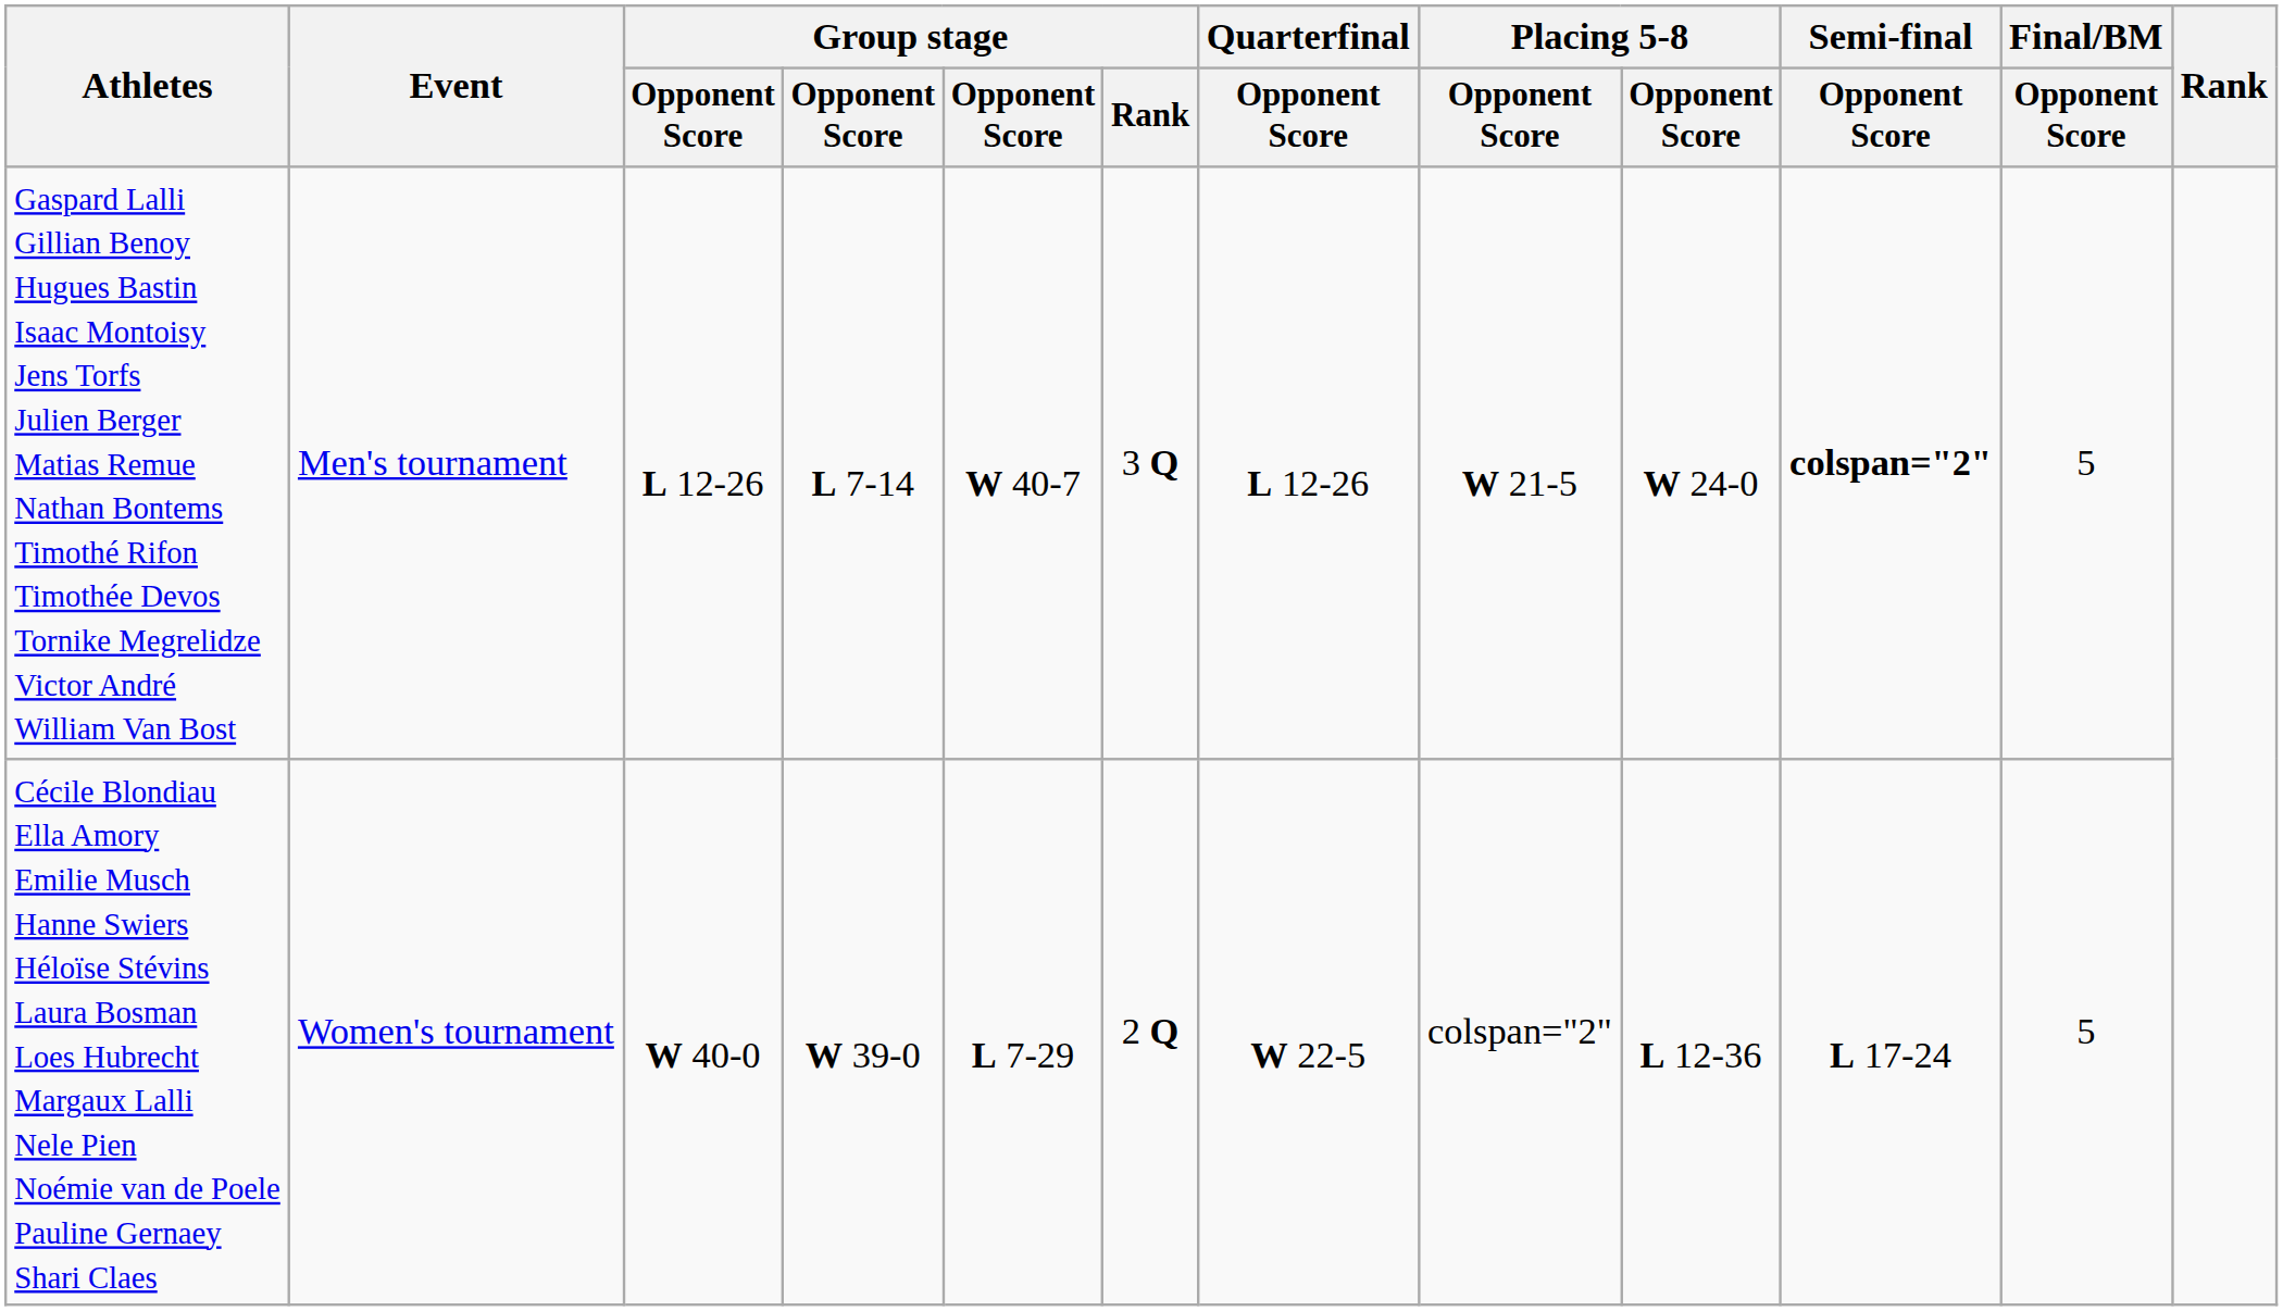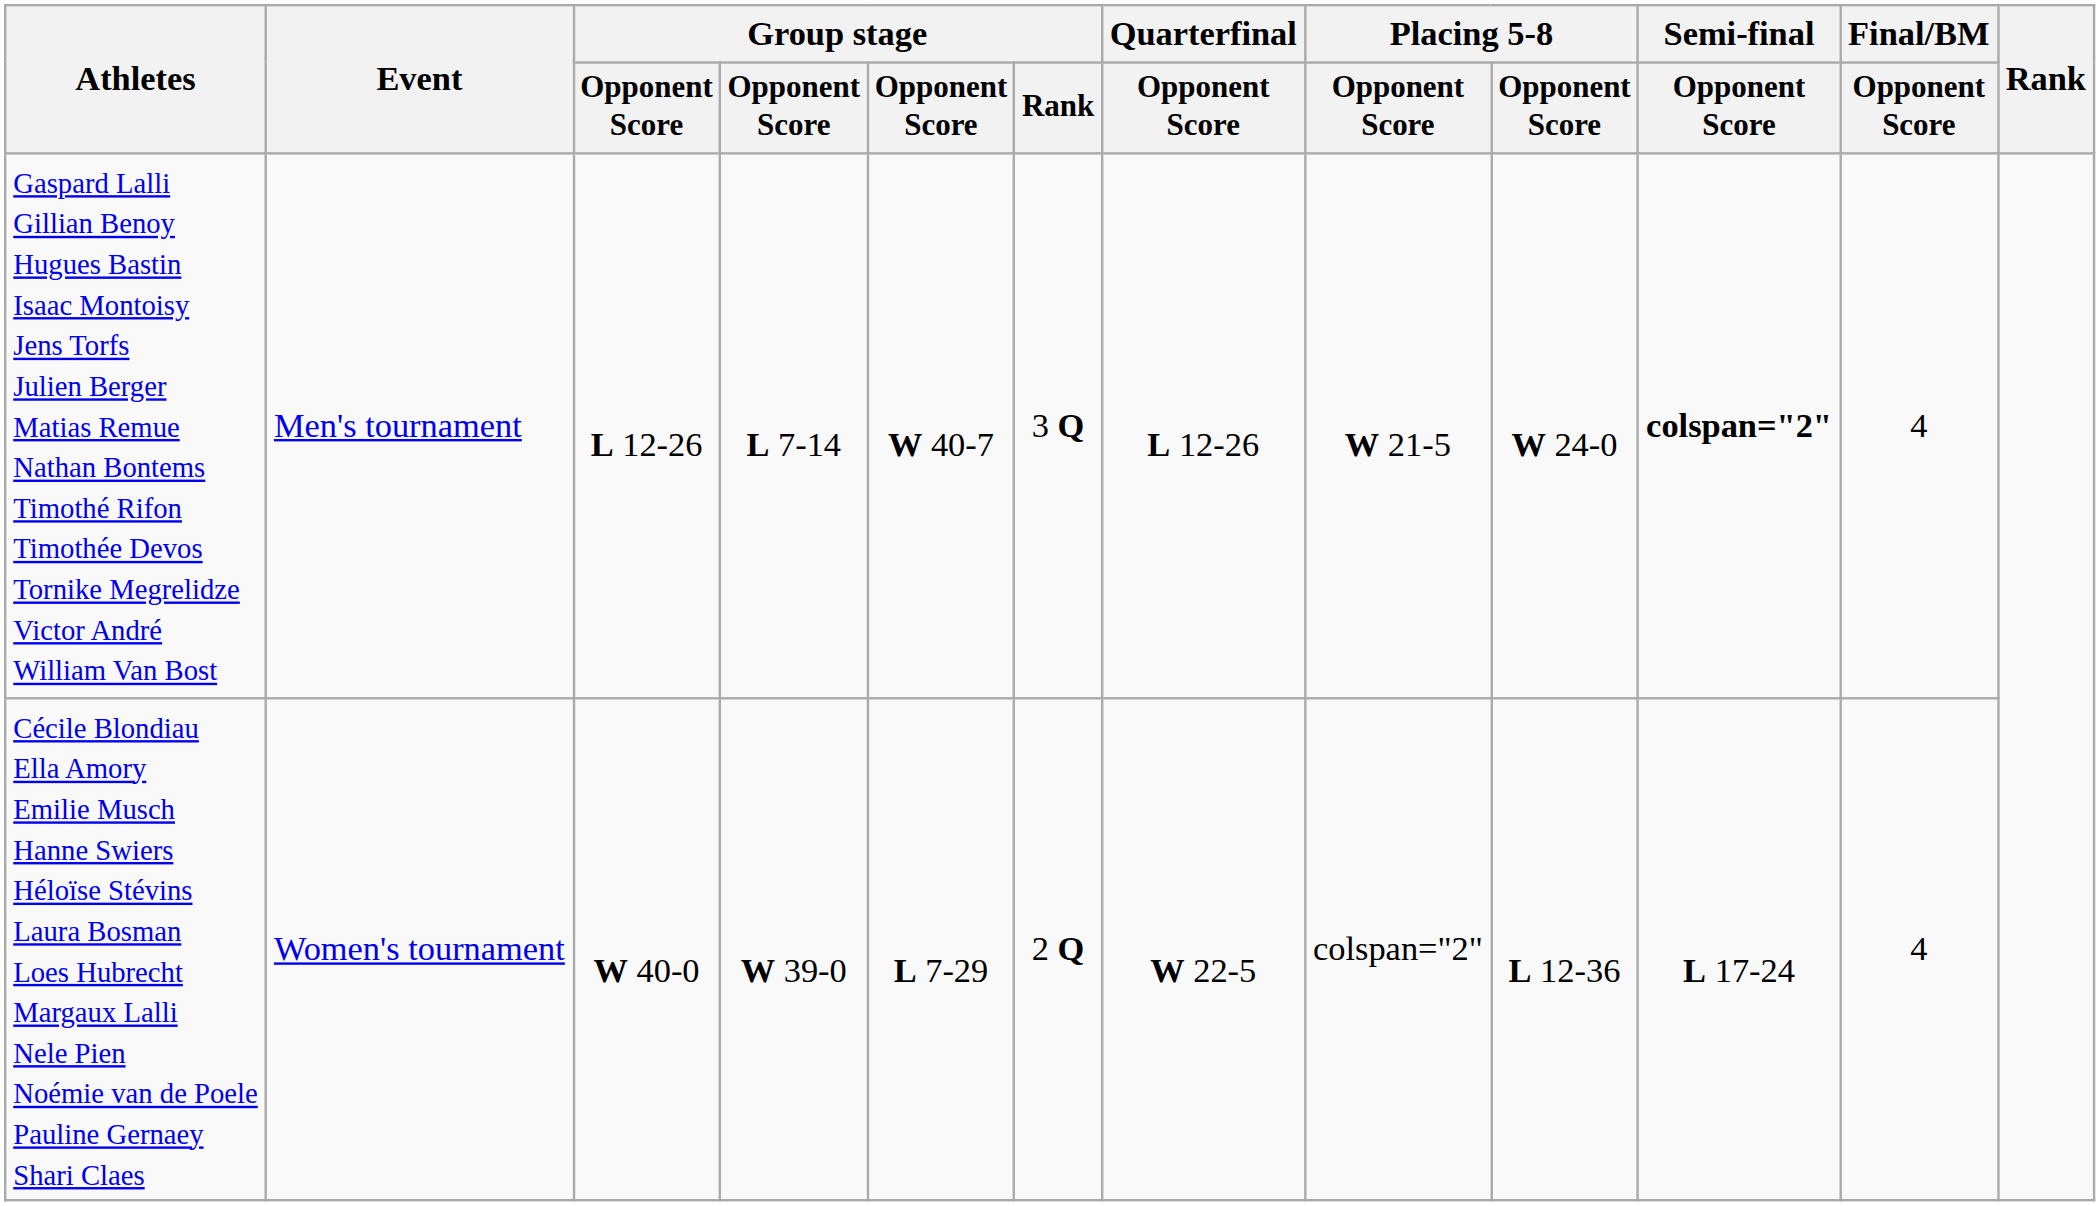 <table class="wikitable sortable" style="text-align:center; font-size:90%">
 <tr>
 <th rowspan="2">Athletes</th>
 <th rowspan="2">Event</th>
 <th colspan="4">Group stage</th>
 <th>Quarterfinal</th>
 <th colspan="2">Placing 5-8</th>
 <th>Semi-final</th>
 <th>Final/BM</th>
 <th rowspan="2">Rank</th>
 </tr>
 <tr style="font-size:90%">
 <th>Opponent<br>Score</th>
 <th>Opponent<br>Score</th>
 <th>Opponent<br>Score</th>
 <th>Rank</th>
 <th>Opponent<br>Score</th>
 <th>Opponent<br>Score</th>
 <th>Opponent<br>Score</th>
 <th>Opponent<br>Score</th>
 <th>Opponent<br>Score</th>
 </tr>
 <tr>
 <td align="left"><small><a href='#'>Gaspard Lalli</a><br><a href='#'>Gillian Benoy</a><br><a href='#'>Hugues Bastin</a> <br><a href='#'>Isaac Montoisy</a><br><a href='#'>Jens Torfs</a><br><a href='#'>Julien Berger</a><br><a href='#'>Matias Remue</a><br></small><small><a href='#'>Nathan Bontems</a><br><a href='#'>Timothé Rifon</a><br><a href='#'>Timothée Devos</a><br><a href='#'>Tornike Megrelidze</a><br><a href='#'>Victor André</a><br><a href='#'>William Van Bost</a><br></small></td>
 <td align="left"><a href='#'>Men's tournament</a></td>
 <td><br><strong>L</strong> 12-26</td>
 <td><br><strong>L</strong> 7-14</td>
 <td><br><strong>W</strong> 40-7</td>
 <td>3 <strong>Q</strong></td>
 <td><br><strong>L</strong> 12-26</td>
 <td><br><strong>W</strong> 21-5</td>
 <td><br><strong>W</strong> 24-0</td>
 <td><strong>colspan="2" </strong></td>
-<td>5</td>
+<td>4</td>
 </tr>
 <tr>
 <td align="left"><small><a href='#'>Cécile Blondiau</a><br><a href='#'>Ella Amory</a><br><a href='#'>Emilie Musch</a><br><a href='#'>Hanne Swiers</a><br><a href='#'>Héloïse Stévins</a><br><a href='#'>Laura Bosman</a><br><a href='#'>Loes Hubrecht</a><br></small><small><a href='#'>Margaux Lalli</a><br><a href='#'>Nele Pien</a><br><a href='#'>Noémie van de Poele</a><br><a href='#'>Pauline Gernaey</a><br><a href='#'>Shari Claes</a><br></small></td>
 <td align="left"><a href='#'>Women's tournament</a></td>
 <td><br><strong>W</strong> 40-0</td>
 <td><br><strong>W</strong> 39-0</td>
 <td><br><strong>L</strong> 7-29</td>
 <td>2 <strong>Q</strong></td>
 <td><br><strong>W</strong> 22-5</td>
 <td>colspan="2" </td>
 <td><br><strong>L</strong> 12-36</td>
 <td><br><strong>L</strong> 17-24</td>
-<td>5</td>
+<td>4</td>
 </tr>
 </table>
